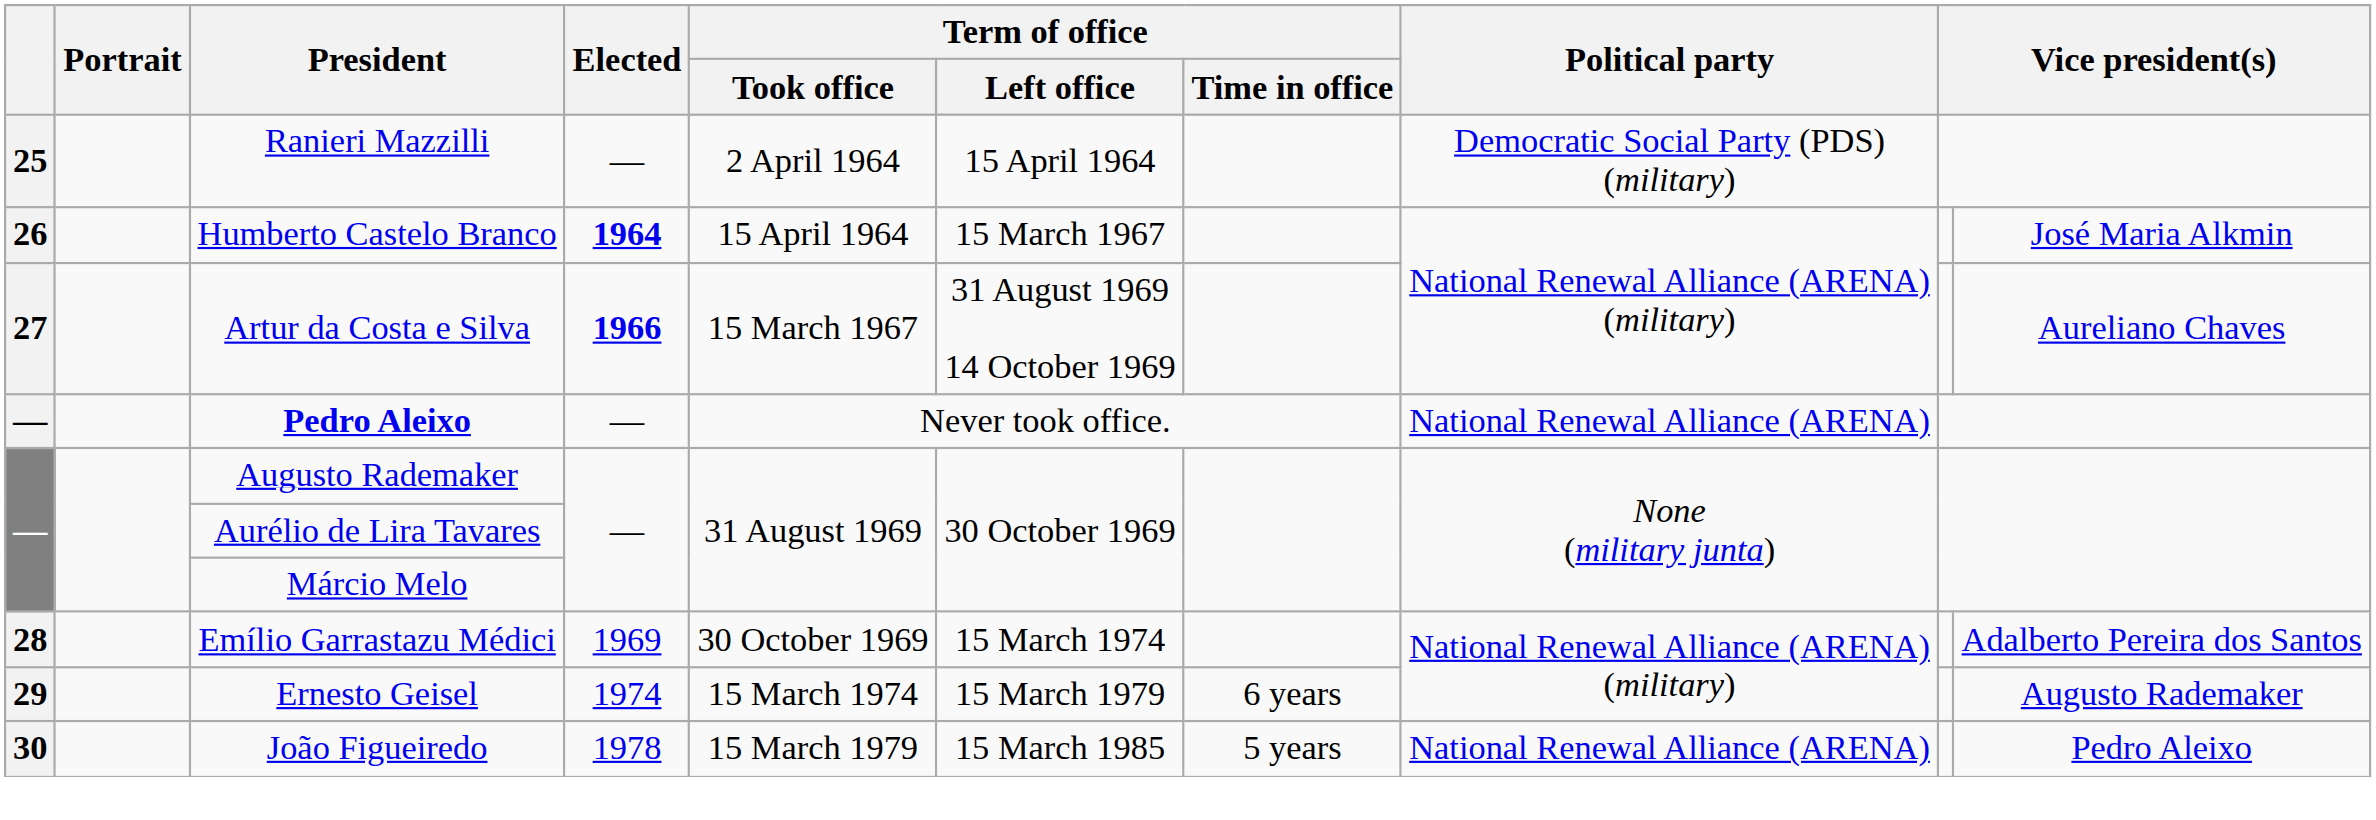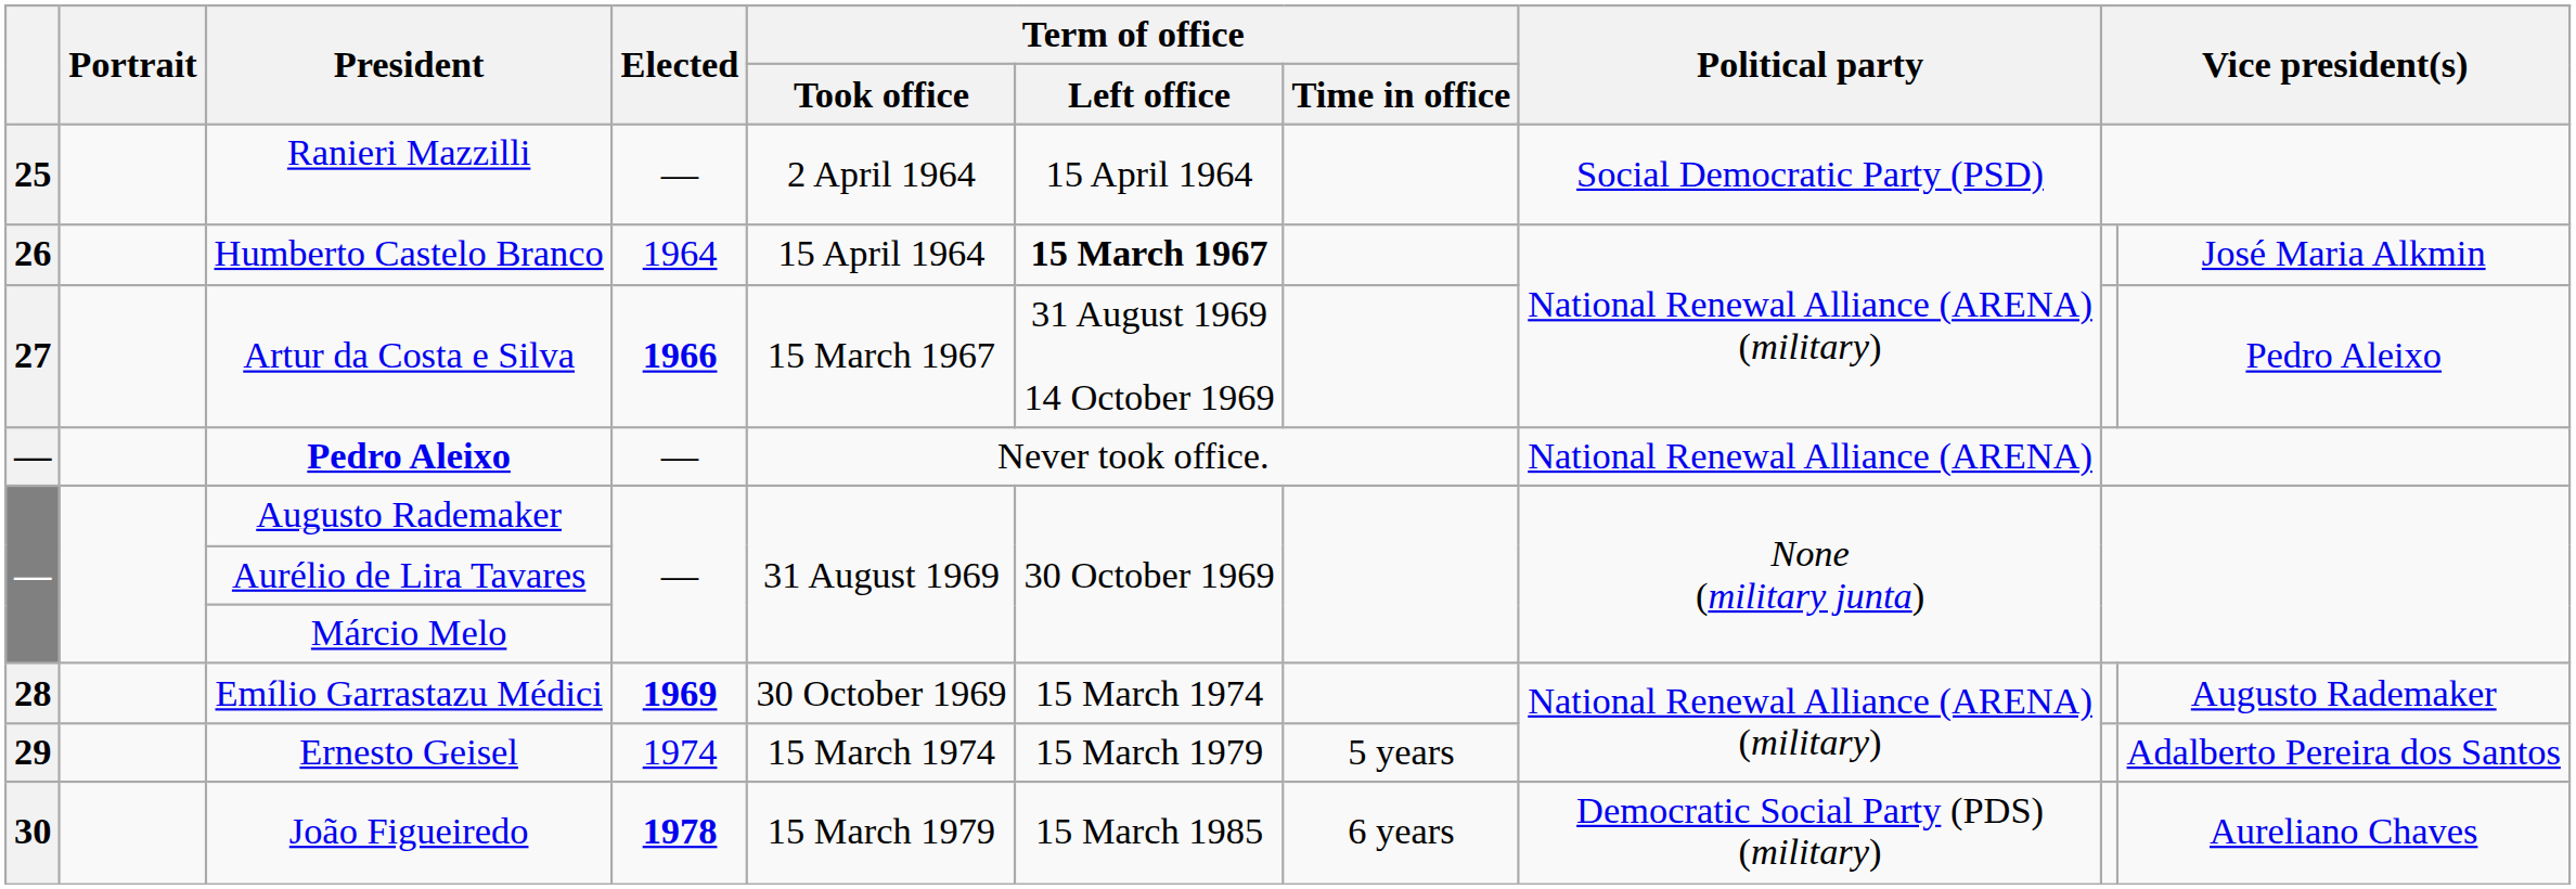 <table class=wikitable style=text-align:center>
 <tr>
 <th rowspan="2"></th>
 <th rowspan="2">Portrait</th>
 <th rowspan="2">President<br></th>
 <th rowspan="2">Elected</th>
 <th colspan="3"><strong>Term of office</strong></th>
 <th rowspan="2">Political party</th>
 <th colspan="2" rowspan="2">Vice president(s)</th>
 </tr>
 <tr bgcolor="#cccccc">
 <th>Took office</th>
 <th>Left office</th>
 <th>Time in office</th>
 </tr>
 <tr>
 <th style="background:">25</th>
 <td></td>
 <td><a href='#'>Ranieri Mazzilli</a><br><br></td>
 <td>—</td>
 <td>2 April 1964</td>
 <td>15 April 1964</td>
 <td></td>
-<td><a href='#'>Democratic Social Party</a> (PDS)<br>(<em>military</em>)</td>
+<td><a href='#'>Social Democratic Party (PSD)</a></td>
 <td colspan="2" ></td>
 </tr>
 <tr>
 <th style="background:">26</th>
 <td></td>
 <td><a href='#'>Humberto Castelo Branco</a><br></td>
-<td><strong><a href='#'>1964</a></strong></td>
+<td><a href='#'>1964</a></td>
 <td>15 April 1964</td>
-<td>15 March 1967</td>
+<td><strong>15 March 1967</strong></td>
 <td></td>
 <td rowspan="2"><a href='#'>National Renewal Alliance (ARENA)</a><br>(<em>military</em>)</td>
 <td style="background:"></td>
 <td><a href='#'>José Maria Alkmin</a><br></td>
 </tr>
 <tr>
 <th style="background:">27</th>
 <td></td>
 <td><a href='#'>Artur da Costa e Silva</a><br></td>
 <td><strong><a href='#'>1966</a></strong></td>
 <td>15 March 1967</td>
 <td>31 August 1969<br><br>14 October 1969 </td>
 <td></td>
 <td style="background:"></td>
-<td><a href='#'>Aureliano Chaves</a><br></td>
+<td><a href='#'>Pedro Aleixo</a><br></td>
 </tr>
 <tr>
 <th style="background:">—</th>
 <td></td>
 <td><strong><a href='#'>Pedro Aleixo</a></strong> <br></td>
 <td>—</td>
 <td colspan="3" align="center">Never took office.</td>
 <td><a href='#'>National Renewal Alliance (ARENA)</a><br></td>
 <td colspan="2" ></td>
 </tr>
 <tr>
 <th rowspan="3" style="background:gray; color:white;">—</th>
 <td rowspan="3"></td>
 <td><a href='#'>Augusto Rademaker</a></td>
 <td rowspan="3">—</td>
 <td rowspan="3">31 August 1969</td>
 <td rowspan="3">30 October 1969</td>
 <td rowspan="3"></td>
 <td rowspan="3"><em>None</em><br>(<em><a href='#'>military junta</a></em>)</td>
 <td colspan="2" rowspan="3" ></td>
 </tr>
 <tr>
 <td><a href='#'>Aurélio de Lira Tavares</a></td>
 </tr>
 <tr>
 <td><a href='#'>Márcio Melo</a></td>
 </tr>
 <tr>
 <th style="background:">28</th>
 <td></td>
 <td><a href='#'>Emílio Garrastazu Médici</a><br></td>
-<td><a href='#'>1969</a></td>
+<td><strong><a href='#'>1969</a></strong></td>
 <td>30 October 1969</td>
 <td>15 March 1974</td>
 <td></td>
 <td rowspan="2"><a href='#'>National Renewal Alliance (ARENA)</a><br>(<em>military</em>)</td>
 <td style="background:"></td>
-<td><a href='#'>Adalberto Pereira dos Santos</a><br></td>
+<td><a href='#'>Augusto Rademaker</a><br></td>
 </tr>
 <tr>
 <th style="background:">29</th>
 <td></td>
 <td><a href='#'>Ernesto Geisel</a><br></td>
 <td><a href='#'>1974</a></td>
 <td>15 March 1974</td>
 <td>15 March 1979</td>
-<td>6 years</td>
+<td>5 years</td>
 <td style="background:"></td>
-<td><a href='#'>Augusto Rademaker</a><br></td>
+<td><a href='#'>Adalberto Pereira dos Santos</a><br></td>
 </tr>
 <tr>
 <th style="background:">30</th>
 <td></td>
 <td><a href='#'>João Figueiredo</a><br></td>
-<td><a href='#'>1978</a></td>
+<td><strong><a href='#'>1978</a></strong></td>
 <td>15 March 1979</td>
 <td>15 March 1985</td>
-<td>5 years</td>
-<td><a href='#'>National Renewal Alliance (ARENA)</a><br></td>
+<td>6 years</td>
+<td><a href='#'>Democratic Social Party</a> (PDS)<br>(<em>military</em>)</td>
 <td style="background:"></td>
-<td><a href='#'>Pedro Aleixo</a><br></td>
+<td><a href='#'>Aureliano Chaves</a><br></td>
 </tr>
 </table>
